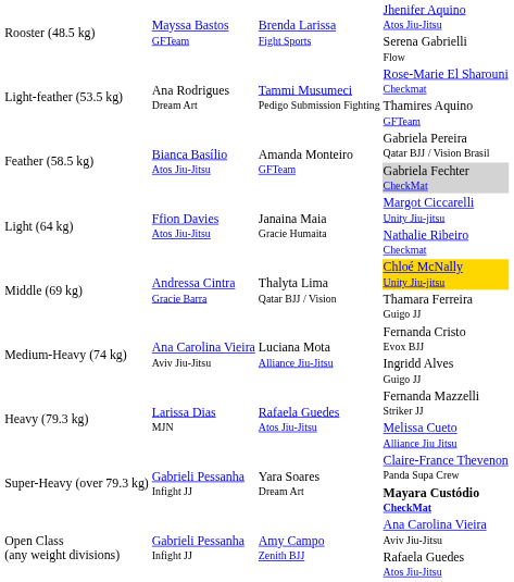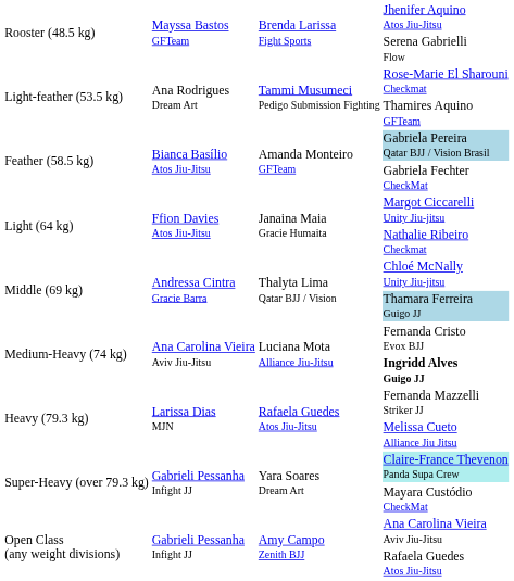 <table>
 <tr>
 <td rowspan=2>Rooster (48.5 kg)</td>
 <td rowspan=2> <a href='#'>Mayssa Bastos</a><br><small><a href='#'>GFTeam</a></small></td>
 <td rowspan=2> <a href='#'>Brenda Larissa</a><br><small><a href='#'>Fight Sports</a></small></td>
 <td> <a href='#'>Jhenifer Aquino</a><br><small><a href='#'>Atos Jiu-Jitsu</a></small></td>
 </tr>
 <tr>
 <td> Serena Gabrielli<br><small>Flow</small></td>
 </tr>
 <tr>
 <td rowspan=2>Light-feather (53.5 kg)</td>
 <td rowspan=2> Ana Rodrigues<br><small>Dream Art</small></td>
 <td rowspan=2> <a href='#'>Tammi Musumeci</a><br><small>Pedigo Submission Fighting</small></td>
 <td> <a href='#'>Rose-Marie El Sharouni</a><br><small><a href='#'>Checkmat</a></small></td>
 </tr>
 <tr>
 <td> Thamires Aquino <br><small><a href='#'>GFTeam</a></small></td>
 </tr>
 <tr>
 <td rowspan=2>Feather (58.5 kg)</td>
 <td rowspan=2> <a href='#'>Bianca Basílio</a><br><small><a href='#'>Atos Jiu-Jitsu</a></small></td>
 <td rowspan=2> Amanda Monteiro<br><small><a href='#'>GFTeam</a></small></td>
-<td> Gabriela Pereira<br><small>Qatar BJJ / Vision Brasil</small></td>
+<td style="background: lightblue;"> Gabriela Pereira<br><small>Qatar BJJ / Vision Brasil</small></td>
 </tr>
 <tr>
-<td style="background: lightgrey;"> Gabriela Fechter<br><small><a href='#'>CheckMat</a></small></td>
+<td> Gabriela Fechter<br><small><a href='#'>CheckMat</a></small></td>
 </tr>
 <tr>
 <td rowspan=2>Light (64 kg)</td>
 <td rowspan=2> <a href='#'>Ffion Davies</a><br><small><a href='#'>Atos Jiu-Jitsu</a></small></td>
 <td rowspan=2> Janaina Maia<br><small>Gracie Humaita</small></td>
 <td> <a href='#'>Margot Ciccarelli</a><br><small><a href='#'>Unity Jiu-jitsu</a></small></td>
 </tr>
 <tr>
 <td> <a href='#'>Nathalie Ribeiro</a><br><small><a href='#'>Checkmat</a></small></td>
 </tr>
 <tr>
 <td rowspan=2>Middle (69 kg)</td>
 <td rowspan=2> <a href='#'>Andressa Cintra</a><br><small><a href='#'>Gracie Barra</a></small></td>
 <td rowspan=2> Thalyta Lima <br><small>Qatar BJJ / Vision</small></td>
-<td style="background: gold;"> <a href='#'>Chloé McNally</a><br><small><a href='#'>Unity Jiu-jitsu</a></small></td>
+<td> <a href='#'>Chloé McNally</a><br><small><a href='#'>Unity Jiu-jitsu</a></small></td>
 </tr>
 <tr>
-<td> Thamara Ferreira<br><small>Guigo JJ</small></td>
+<td style="background: lightblue;"> Thamara Ferreira<br><small>Guigo JJ</small></td>
 </tr>
 <tr>
 <td rowspan=2>Medium-Heavy (74 kg)</td>
 <td rowspan=2> <a href='#'>Ana Carolina Vieira</a><br><small>Aviv Jiu-Jitsu</small></td>
 <td rowspan=2> Luciana Mota<br><small><a href='#'>Alliance Jiu-Jitsu</a></small></td>
 <td> Fernanda Cristo<br><small>Evox BJJ</small></td>
 </tr>
 <tr>
-<td> Ingridd Alves<br><small>Guigo JJ</small></td>
+<td><strong> Ingridd Alves<br><small>Guigo JJ</small></strong></td>
 </tr>
 <tr>
 <td rowspan=2>Heavy (79.3 kg)</td>
 <td rowspan=2> <a href='#'>Larissa Dias</a><br><small>MJN</small></td>
 <td rowspan=2> <a href='#'>Rafaela Guedes</a><br><small><a href='#'>Atos Jiu-Jitsu</a></small></td>
 <td> Fernanda Mazzelli<br><small>Striker JJ</small></td>
 </tr>
 <tr>
 <td> <a href='#'>Melissa Cueto</a><br><small><a href='#'>Alliance Jiu Jitsu</a></small></td>
 </tr>
 <tr>
 <td rowspan=2>Super-Heavy (over 79.3 kg)</td>
 <td rowspan=2> <a href='#'>Gabrieli Pessanha</a><br><small>Infight JJ</small></td>
 <td rowspan=2> Yara Soares<br><small>Dream Art</small></td>
-<td> <a href='#'>Claire-France Thevenon</a><br><small>Panda Supa Crew</small></td>
+<td style="background: paleturquoise;"> <a href='#'>Claire-France Thevenon</a><br><small>Panda Supa Crew</small></td>
 </tr>
 <tr>
-<td><strong> Mayara Custódio<br><small><a href='#'>CheckMat</a></small></strong></td>
+<td> Mayara Custódio<br><small><a href='#'>CheckMat</a></small></td>
 </tr>
 <tr>
 <td rowspan=2>Open Class<br>(any weight divisions)</td>
 <td rowspan=2> <a href='#'>Gabrieli Pessanha</a><br><small>Infight JJ</small></td>
 <td rowspan=2> <a href='#'>Amy Campo</a><br><small><a href='#'>Zenith BJJ</a></small></td>
 <td> <a href='#'>Ana Carolina Vieira</a><br><small>Aviv Jiu-Jitsu</small></td>
 </tr>
 <tr>
 <td> Rafaela Guedes<br><small><a href='#'>Atos Jiu-Jitsu</a></small></td>
 </tr>
 <tr>
 </tr>
 </table>
